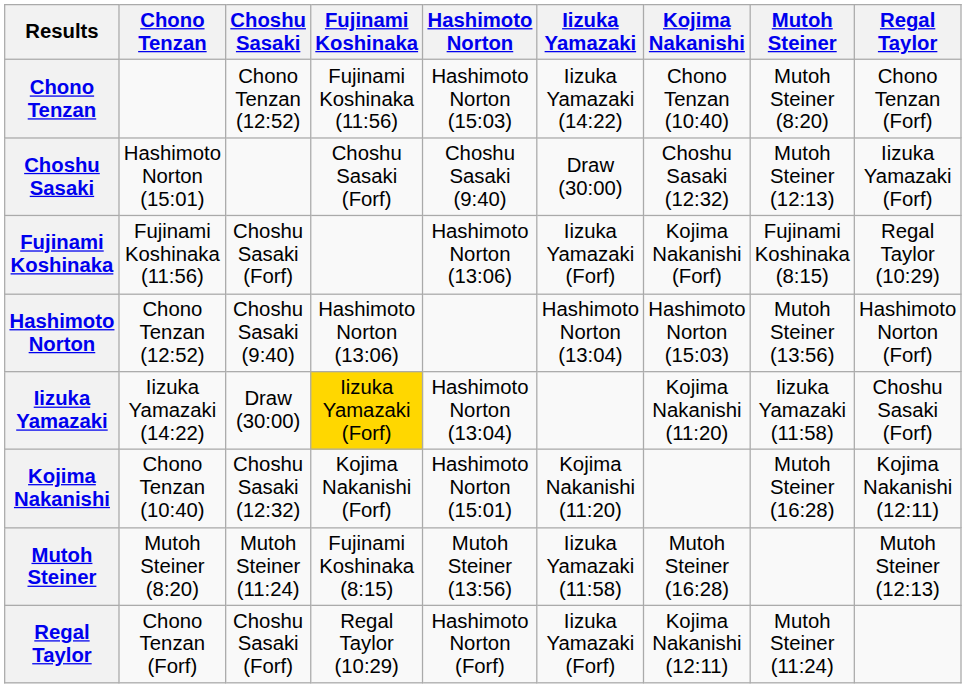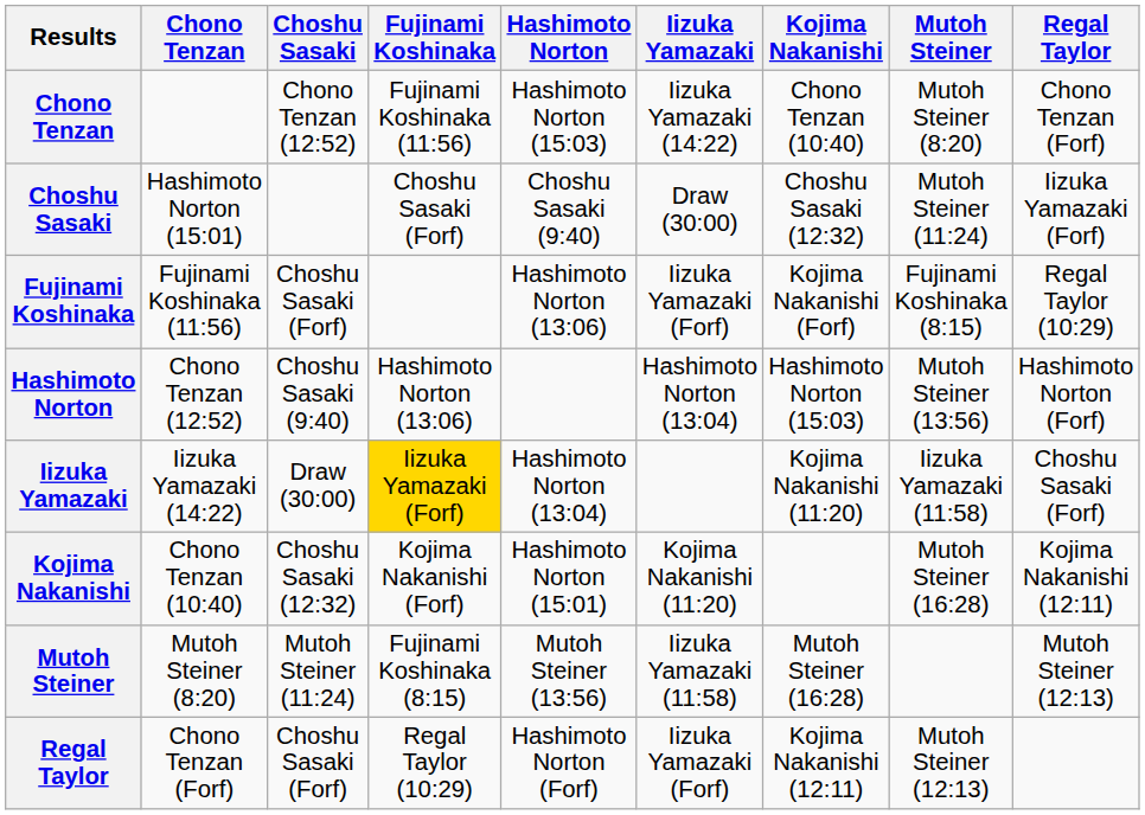 <table class="wikitable" style="text-align:center; margin: 1em auto 1em auto">
 <tr align="center">
 <th>Results</th>
 <th><a href='#'>Chono</a><br><a href='#'>Tenzan</a></th>
 <th><a href='#'>Choshu</a><br><a href='#'>Sasaki</a></th>
 <th><a href='#'>Fujinami</a><br><a href='#'>Koshinaka</a></th>
 <th><a href='#'>Hashimoto</a><br><a href='#'>Norton</a></th>
 <th><a href='#'>Iizuka</a><br><a href='#'>Yamazaki</a></th>
 <th><a href='#'>Kojima</a><br><a href='#'>Nakanishi</a></th>
 <th><a href='#'>Mutoh</a><br><a href='#'>Steiner</a></th>
 <th><a href='#'>Regal</a><br><a href='#'>Taylor</a></th>
 </tr>
 <tr align="center">
 <th><a href='#'>Chono</a><br><a href='#'>Tenzan</a></th>
 <td></td>
 <td>Chono<br>Tenzan<br>(12:52)</td>
 <td>Fujinami<br>Koshinaka<br>(11:56)</td>
 <td>Hashimoto<br>Norton<br>(15:03)</td>
 <td>Iizuka<br>Yamazaki<br>(14:22)</td>
 <td>Chono<br>Tenzan<br>(10:40)</td>
 <td>Mutoh<br>Steiner<br>(8:20)</td>
 <td>Chono<br>Tenzan<br>(Forf)</td>
 </tr>
 <tr align="center">
 <th><a href='#'>Choshu</a><br><a href='#'>Sasaki</a></th>
 <td>Hashimoto<br>Norton<br>(15:01)</td>
 <td></td>
 <td>Choshu<br>Sasaki<br>(Forf)</td>
 <td>Choshu<br>Sasaki<br>(9:40)</td>
 <td>Draw<br>(30:00)</td>
 <td>Choshu<br>Sasaki<br>(12:32)</td>
-<td>Mutoh<br>Steiner<br>(12:13)</td>
+<td>Mutoh<br>Steiner<br>(11:24)</td>
 <td>Iizuka<br>Yamazaki<br>(Forf)</td>
 </tr>
 <tr align="center">
 <th><a href='#'>Fujinami</a><br><a href='#'>Koshinaka</a></th>
 <td>Fujinami<br>Koshinaka<br>(11:56)</td>
 <td>Choshu<br>Sasaki<br>(Forf)</td>
 <td></td>
 <td>Hashimoto<br>Norton<br>(13:06)</td>
 <td>Iizuka<br>Yamazaki<br>(Forf)</td>
 <td>Kojima<br>Nakanishi<br>(Forf)</td>
 <td>Fujinami<br>Koshinaka<br>(8:15)</td>
 <td>Regal<br>Taylor<br>(10:29)</td>
 </tr>
 <tr align="center">
 <th><a href='#'>Hashimoto</a><br><a href='#'>Norton</a></th>
 <td>Chono<br>Tenzan<br>(12:52)</td>
 <td>Choshu<br>Sasaki<br>(9:40)</td>
 <td>Hashimoto<br>Norton<br>(13:06)</td>
 <td></td>
 <td>Hashimoto<br>Norton<br>(13:04)</td>
 <td>Hashimoto<br>Norton<br>(15:03)</td>
 <td>Mutoh<br>Steiner<br>(13:56)</td>
 <td>Hashimoto<br>Norton<br>(Forf)</td>
 </tr>
 <tr align="center">
 <th><a href='#'>Iizuka</a><br><a href='#'>Yamazaki</a></th>
 <td>Iizuka<br>Yamazaki<br>(14:22)</td>
 <td>Draw<br>(30:00)</td>
 <td style="background: gold;">Iizuka<br>Yamazaki<br>(Forf)</td>
 <td>Hashimoto<br>Norton<br>(13:04)</td>
 <td></td>
 <td>Kojima<br>Nakanishi<br>(11:20)</td>
 <td>Iizuka<br>Yamazaki<br>(11:58)</td>
 <td>Choshu<br>Sasaki<br>(Forf)</td>
 </tr>
 <tr align="center">
 <th><a href='#'>Kojima</a><br><a href='#'>Nakanishi</a></th>
 <td>Chono<br>Tenzan<br>(10:40)</td>
 <td>Choshu<br>Sasaki<br>(12:32)</td>
 <td>Kojima<br>Nakanishi<br>(Forf)</td>
 <td>Hashimoto<br>Norton<br>(15:01)</td>
 <td>Kojima<br>Nakanishi<br>(11:20)</td>
 <td></td>
 <td>Mutoh<br>Steiner<br>(16:28)</td>
 <td>Kojima<br>Nakanishi<br>(12:11)</td>
 </tr>
 <tr align="center">
 <th><a href='#'>Mutoh</a><br><a href='#'>Steiner</a></th>
 <td>Mutoh<br>Steiner<br>(8:20)</td>
 <td>Mutoh<br>Steiner<br>(11:24)</td>
 <td>Fujinami<br>Koshinaka<br>(8:15)</td>
 <td>Mutoh<br>Steiner<br>(13:56)</td>
 <td>Iizuka<br>Yamazaki<br>(11:58)</td>
 <td>Mutoh<br>Steiner<br>(16:28)</td>
 <td></td>
 <td>Mutoh<br>Steiner<br>(12:13)</td>
 </tr>
 <tr align="center">
 <th><a href='#'>Regal</a><br><a href='#'>Taylor</a></th>
 <td>Chono<br>Tenzan<br>(Forf)</td>
 <td>Choshu<br>Sasaki<br>(Forf)</td>
 <td>Regal<br>Taylor<br>(10:29)</td>
 <td>Hashimoto<br>Norton<br>(Forf)</td>
 <td>Iizuka<br>Yamazaki<br>(Forf)</td>
 <td>Kojima<br>Nakanishi<br>(12:11)</td>
-<td>Mutoh<br>Steiner<br>(11:24)</td>
+<td>Mutoh<br>Steiner<br>(12:13)</td>
 <td></td>
 </tr>
 </table>
